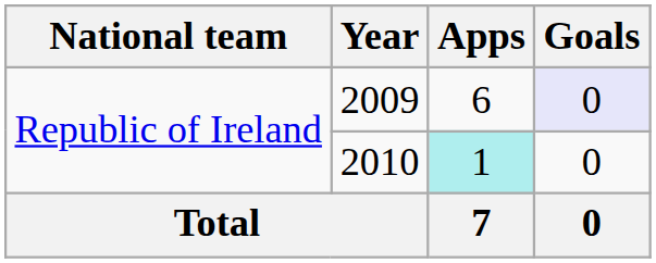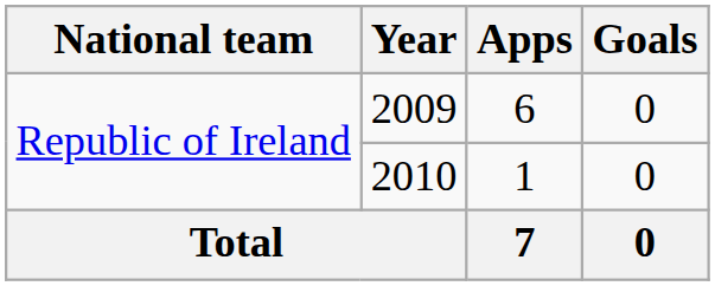 <table class="wikitable" style="text-align:center">
 <tr>
 <th>National team</th>
 <th>Year</th>
 <th>Apps</th>
 <th>Goals</th>
 </tr>
 <tr>
 <td rowspan="2"><a href='#'>Republic of Ireland</a></td>
 <td>2009</td>
 <td>6</td>
-<td style="background: lavender;">0</td>
+<td>0</td>
 </tr>
 <tr>
 <td>2010</td>
-<td style="background: paleturquoise;">1</td>
+<td>1</td>
 <td>0</td>
 </tr>
 <tr>
 <th colspan="2">Total</th>
 <th>7</th>
 <th>0</th>
 </tr>
 </table>
